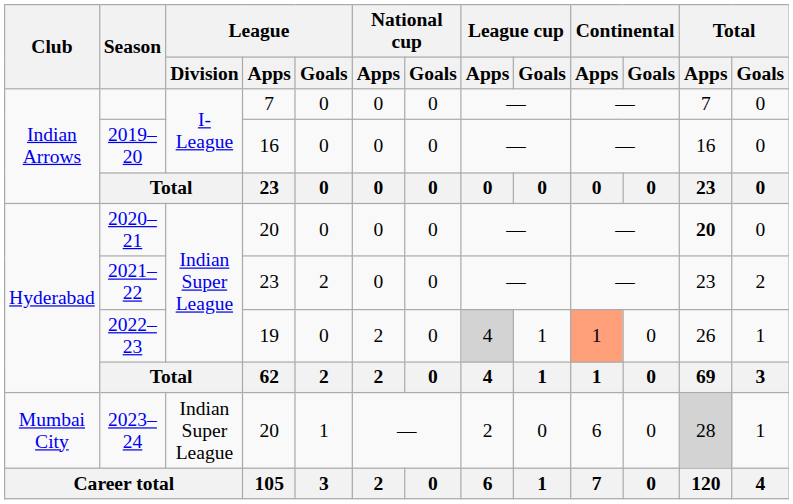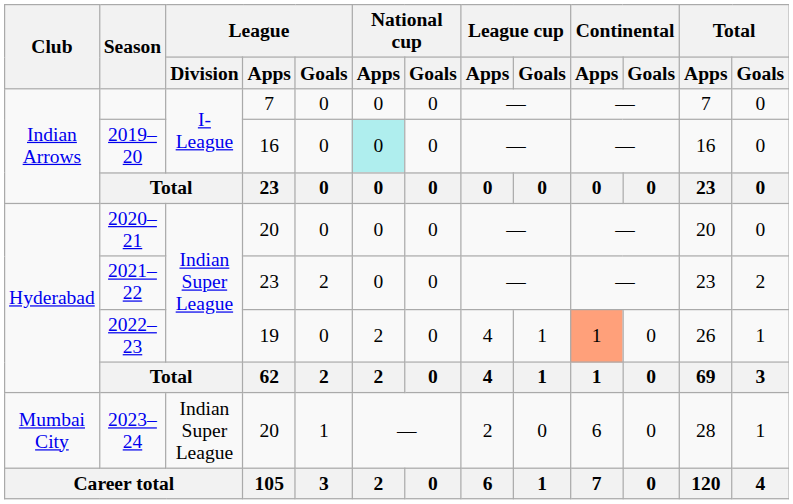 <table class="wikitable" style="text-align:center">
 <tr>
 <th rowspan="2">Club</th>
 <th rowspan="2">Season</th>
 <th colspan="3">League</th>
 <th colspan="2">National cup</th>
 <th colspan="2">League cup</th>
 <th colspan="2">Continental</th>
 <th colspan="2">Total</th>
 </tr>
 <tr>
 <th>Division</th>
 <th>Apps</th>
 <th>Goals</th>
 <th>Apps</th>
 <th>Goals</th>
 <th>Apps</th>
 <th>Goals</th>
 <th>Apps</th>
 <th>Goals</th>
 <th>Apps</th>
 <th>Goals</th>
 </tr>
 <tr>
 <td rowspan="3"><a href='#'>Indian Arrows</a></td>
 <td></td>
 <td rowspan="2"><a href='#'>I-League</a></td>
 <td>7</td>
 <td>0</td>
 <td>0</td>
 <td>0</td>
 <td colspan="2">—</td>
 <td colspan="2">—</td>
 <td>7</td>
 <td>0</td>
 </tr>
 <tr>
 <td><a href='#'>2019–20</a></td>
 <td>16</td>
 <td>0</td>
-<td>0</td>
+<td style="background: paleturquoise;">0</td>
 <td>0</td>
 <td colspan="2">—</td>
 <td colspan="2">—</td>
 <td>16</td>
 <td>0</td>
 </tr>
 <tr>
 <th colspan="2">Total</th>
 <th>23</th>
 <th>0</th>
 <th>0</th>
 <th>0</th>
 <th>0</th>
 <th>0</th>
 <th>0</th>
 <th>0</th>
 <th>23</th>
 <th>0</th>
 </tr>
 <tr>
 <td rowspan="4"><a href='#'>Hyderabad</a></td>
 <td><a href='#'>2020–21</a></td>
 <td rowspan="3"><a href='#'>Indian Super League</a></td>
 <td>20</td>
 <td>0</td>
 <td>0</td>
 <td>0</td>
 <td colspan="2">—</td>
 <td colspan="2">—</td>
-<td><strong>20</strong></td>
+<td>20</td>
 <td>0</td>
 </tr>
 <tr>
 <td><a href='#'>2021–22</a></td>
 <td>23</td>
 <td>2</td>
 <td>0</td>
 <td>0</td>
 <td colspan="2">—</td>
 <td colspan="2">—</td>
 <td>23</td>
 <td>2</td>
 </tr>
 <tr>
 <td><a href='#'>2022–23</a></td>
 <td>19</td>
 <td>0</td>
 <td>2</td>
 <td>0</td>
-<td style="background: lightgrey;">4</td>
+<td>4</td>
 <td>1</td>
 <td style="background: lightsalmon;">1</td>
 <td>0</td>
 <td>26</td>
 <td>1</td>
 </tr>
 <tr>
 <th colspan="2">Total</th>
 <th>62</th>
 <th>2</th>
 <th>2</th>
 <th>0</th>
 <th>4</th>
 <th>1</th>
 <th>1</th>
 <th>0</th>
 <th>69</th>
 <th>3</th>
 </tr>
 <tr>
 <td><a href='#'>Mumbai City</a></td>
 <td><a href='#'>2023–24</a></td>
 <td>Indian Super League</td>
 <td>20</td>
 <td>1</td>
 <td colspan="2">—</td>
 <td>2</td>
 <td>0</td>
 <td>6</td>
 <td>0</td>
-<td style="background: lightgrey;">28</td>
+<td>28</td>
 <td>1</td>
 </tr>
 <tr>
 <th colspan="3">Career total</th>
 <th>105</th>
 <th>3</th>
 <th>2</th>
 <th>0</th>
 <th>6</th>
 <th>1</th>
 <th>7</th>
 <th>0</th>
 <th>120</th>
 <th>4</th>
 </tr>
 </table>
